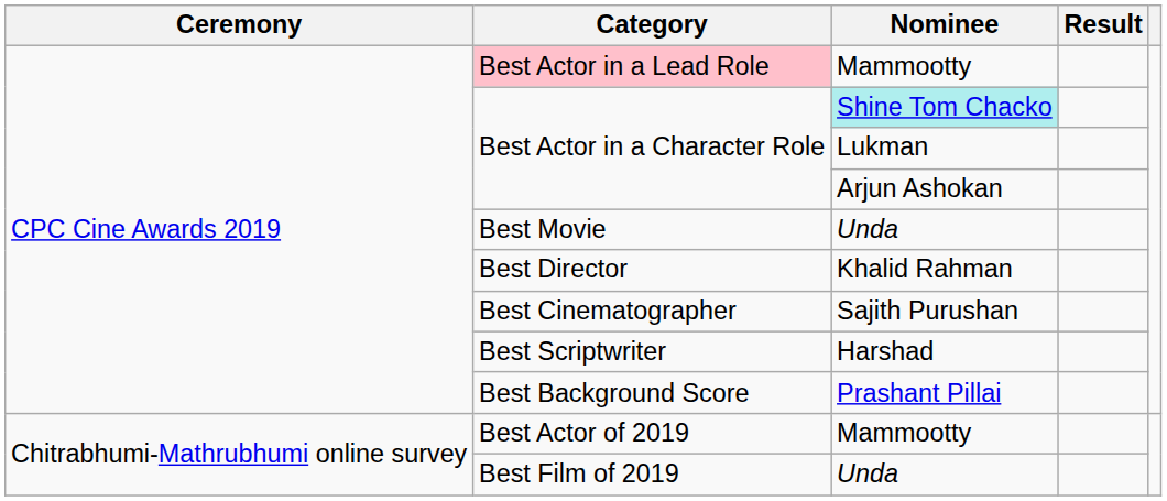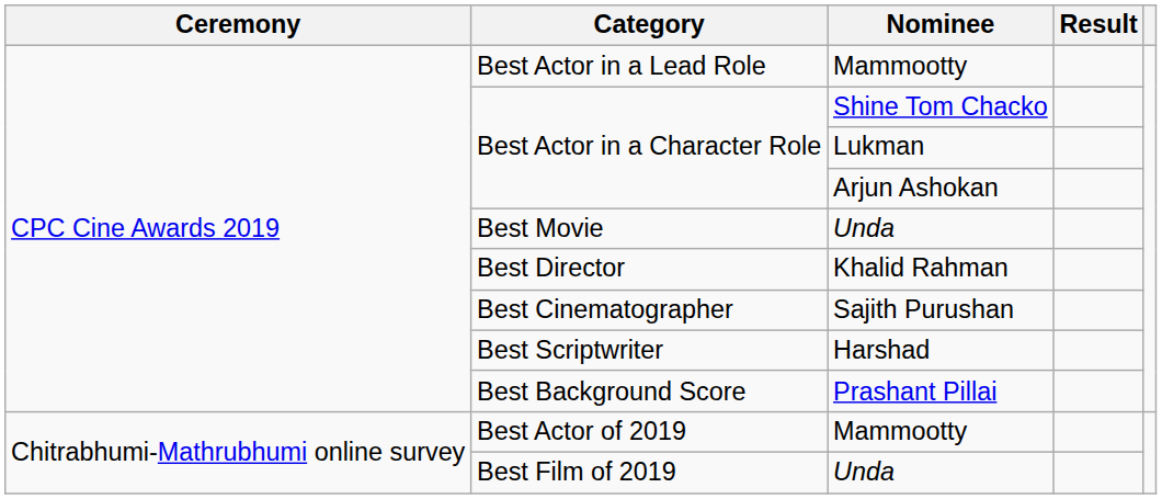 <table class="wikitable">
 <tr>
 <th>Ceremony</th>
 <th>Category</th>
 <th>Nominee</th>
 <th>Result</th>
 <th></th>
 </tr>
 <tr>
 <td rowspan="9"><a href='#'>CPC Cine Awards 2019</a></td>
-<td style="background: pink;">Best Actor in a Lead Role</td>
+<td>Best Actor in a Lead Role</td>
 <td>Mammootty</td>
 <td></td>
 <td rowspan="9"></td>
 </tr>
 <tr>
 <td rowspan="3">Best Actor in a Character Role</td>
-<td style="background: paleturquoise;"><a href='#'>Shine Tom Chacko</a></td>
+<td><a href='#'>Shine Tom Chacko</a></td>
 <td></td>
 </tr>
 <tr>
 <td>Lukman</td>
 <td></td>
 </tr>
 <tr>
 <td>Arjun Ashokan</td>
 <td></td>
 </tr>
 <tr>
 <td>Best Movie</td>
 <td><em>Unda</em></td>
 <td></td>
 </tr>
 <tr>
 <td>Best Director</td>
 <td>Khalid Rahman</td>
 <td></td>
 </tr>
 <tr>
 <td>Best Cinematographer</td>
 <td>Sajith Purushan</td>
 <td></td>
 </tr>
 <tr>
 <td>Best Scriptwriter</td>
 <td>Harshad</td>
 <td></td>
 </tr>
 <tr>
 <td>Best Background Score</td>
 <td><a href='#'>Prashant Pillai</a></td>
 <td></td>
 </tr>
 <tr>
 <td rowspan="2">Chitrabhumi-<a href='#'>Mathrubhumi</a> online survey</td>
 <td>Best Actor of 2019</td>
 <td>Mammootty</td>
 <td></td>
 <td style="text-align:center;" rowspan="2"></td>
 </tr>
 <tr>
 <td>Best Film of 2019</td>
 <td><em>Unda</em></td>
 <td></td>
 </tr>
 </table>
